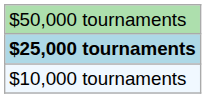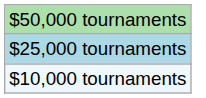 <table class="wikitable" style="font-size:85%;">
 <tr bgcolor="#ADDFAD">
 <td>$50,000 tournaments</td>
 </tr>
 <tr bgcolor=lightblue>
-<td><strong>$25,000 tournaments</strong></td>
+<td>$25,000 tournaments</td>
 </tr>
 <tr bgcolor="#f0f8ff">
 <td>$10,000 tournaments</td>
 </tr>
 </table>
